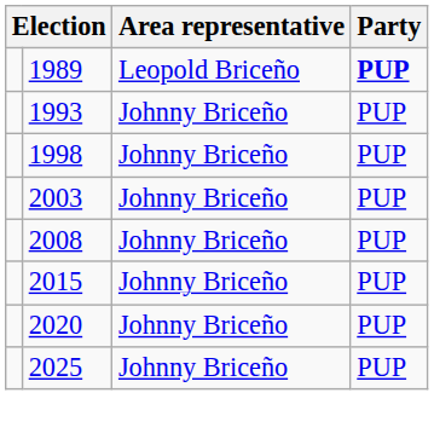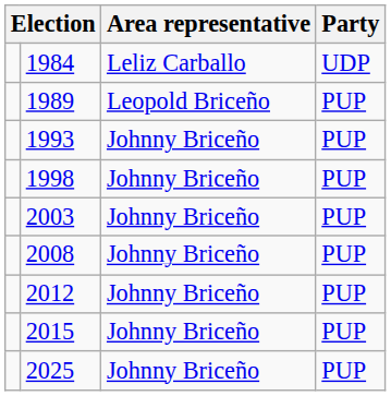 <table class="wikitable">
 <tr>
 <th colspan="2">Election</th>
 <th>Area representative</th>
 <th>Party</th>
 </tr>
 <tr>
 <td style="background-color: "></td>
+<td><a href='#'>1984</a></td>
+<td><a href='#'>Leliz Carballo</a></td>
+<td><a href='#'>UDP</a></td>
+</tr>
+<tr>
+<td style="background-color: "></td>
 <td><a href='#'>1989</a></td>
 <td><a href='#'>Leopold Briceño</a></td>
-<td><strong><a href='#'>PUP</a></strong></td>
+<td><a href='#'>PUP</a></td>
 </tr>
 <tr>
 <td style="background-color: "></td>
 <td><a href='#'>1993</a></td>
 <td><a href='#'>Johnny Briceño</a></td>
 <td><a href='#'>PUP</a></td>
 </tr>
 <tr>
 <td style="background-color: "></td>
 <td><a href='#'>1998</a></td>
 <td><a href='#'>Johnny Briceño</a></td>
 <td><a href='#'>PUP</a></td>
 </tr>
 <tr>
 <td style="background-color: "></td>
 <td><a href='#'>2003</a></td>
 <td><a href='#'>Johnny Briceño</a></td>
 <td><a href='#'>PUP</a></td>
 </tr>
 <tr>
 <td style="background-color: "></td>
 <td><a href='#'>2008</a></td>
 <td><a href='#'>Johnny Briceño</a></td>
 <td><a href='#'>PUP</a></td>
 </tr>
 <tr>
 <td style="background-color: "></td>
-<td><a href='#'>2015</a></td>
+<td><a href='#'>2012</a></td>
 <td><a href='#'>Johnny Briceño</a></td>
 <td><a href='#'>PUP</a></td>
 </tr>
 <tr>
 <td style="background-color: "></td>
-<td><a href='#'>2020</a></td>
+<td><a href='#'>2015</a></td>
 <td><a href='#'>Johnny Briceño</a></td>
 <td><a href='#'>PUP</a></td>
 </tr>
 <tr>
 <td style="background-color: "></td>
 <td><a href='#'>2025</a></td>
 <td><a href='#'>Johnny Briceño</a></td>
 <td><a href='#'>PUP</a></td>
 </tr>
 </table>
